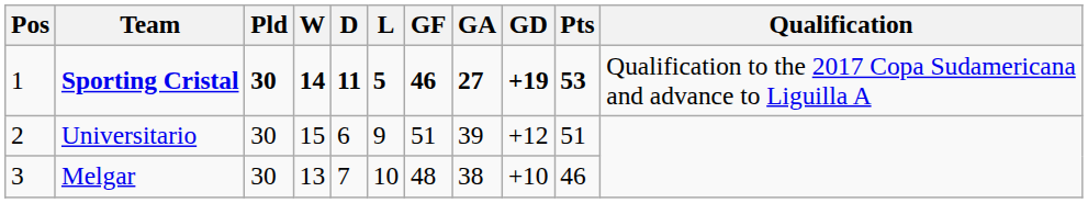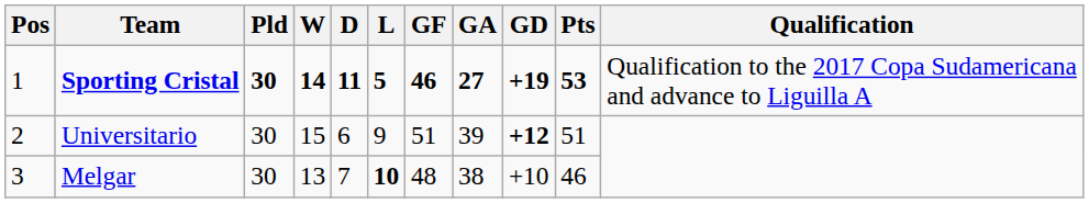 <table class="wikitable">
 <tr>
 <th>Pos</th>
 <th><strong>Team</strong></th>
 <th><strong>Pld</strong></th>
 <th>W</th>
 <th>D</th>
 <th>L</th>
 <th>GF</th>
 <th>GA</th>
 <th>GD</th>
 <th>Pts</th>
 <th><strong>Qualification</strong></th>
 </tr>
 <tr>
 <td>1</td>
 <td><strong><a href='#'>Sporting Cristal</a></strong></td>
 <td><strong>30</strong></td>
 <td><strong>14</strong></td>
 <td><strong>11</strong></td>
 <td><strong>5</strong></td>
 <td><strong>46</strong></td>
 <td><strong>27</strong></td>
 <td><strong>+19</strong></td>
 <td><strong>53</strong></td>
 <td>Qualification to the <a href='#'>2017 Copa Sudamericana</a><br>and advance to <a href='#'>Liguilla A</a></td>
 </tr>
 <tr>
 <td>2</td>
 <td><a href='#'>Universitario</a></td>
 <td>30</td>
 <td>15</td>
 <td>6</td>
 <td>9</td>
 <td>51</td>
 <td>39</td>
-<td>+12</td>
+<td><strong>+12</strong></td>
 <td>51</td>
 <td rowspan="2"></td>
 </tr>
 <tr>
 <td>3</td>
 <td><a href='#'>Melgar</a></td>
 <td>30</td>
 <td>13</td>
 <td>7</td>
-<td>10</td>
+<td><strong>10</strong></td>
 <td>48</td>
 <td>38</td>
 <td>+10</td>
 <td>46</td>
 </tr>
 </table>
